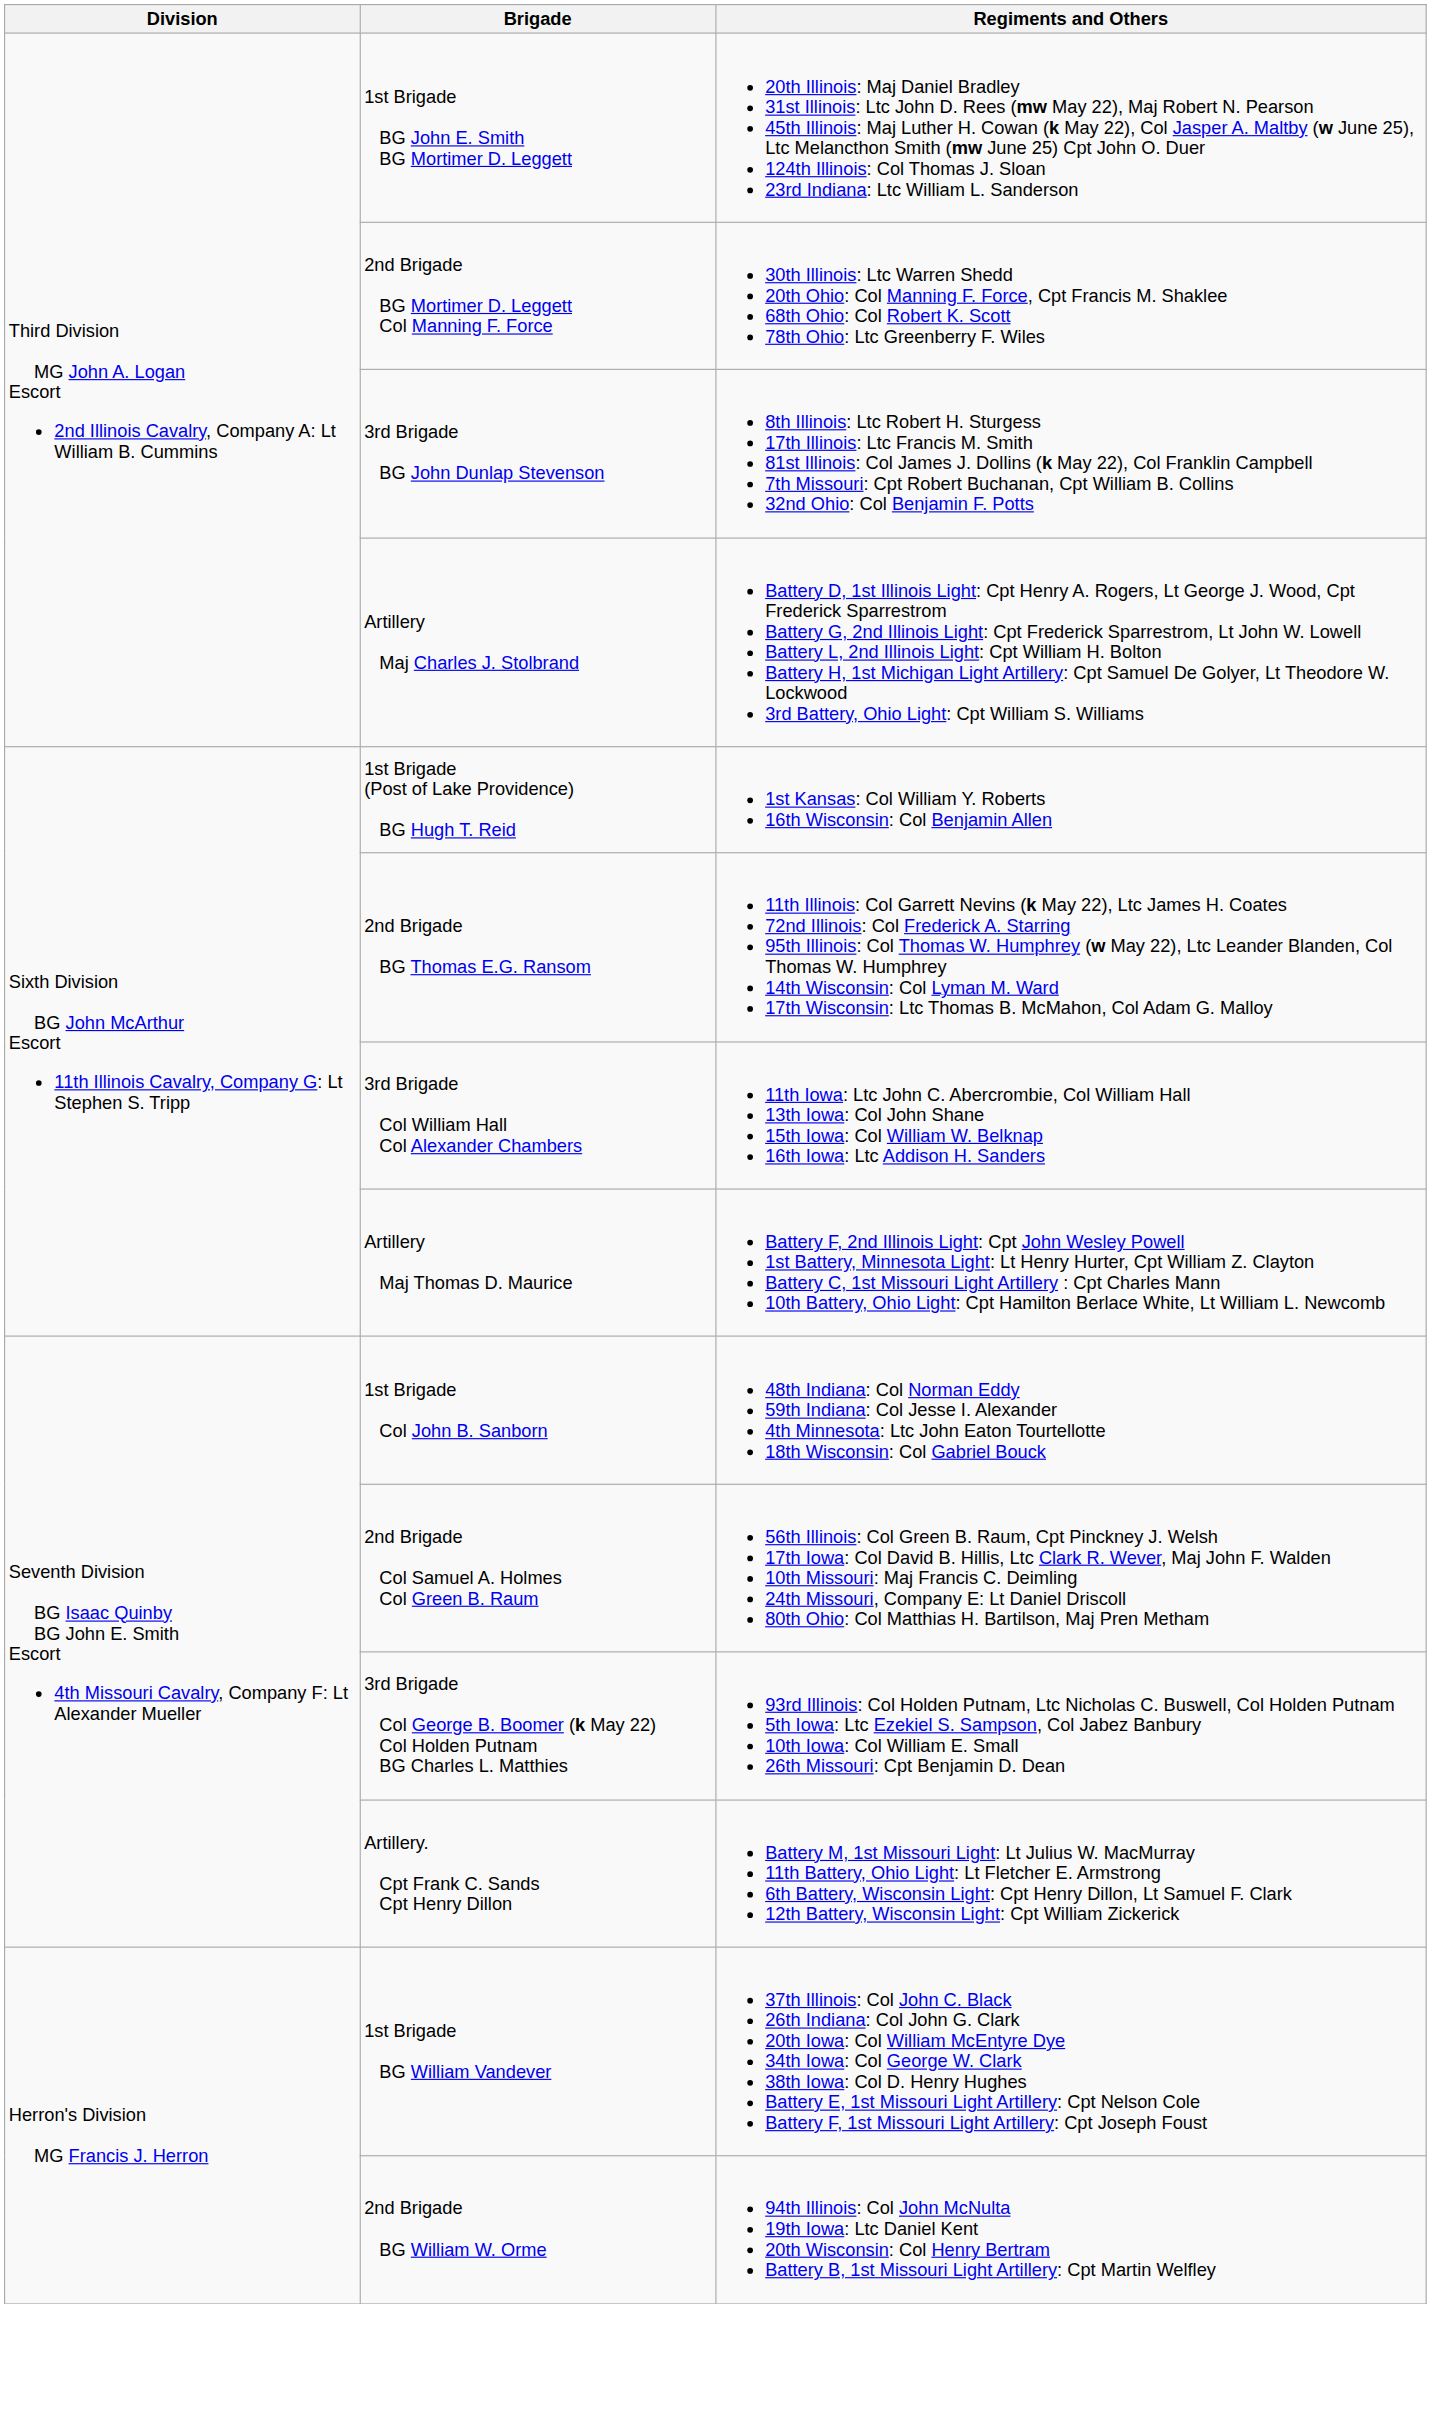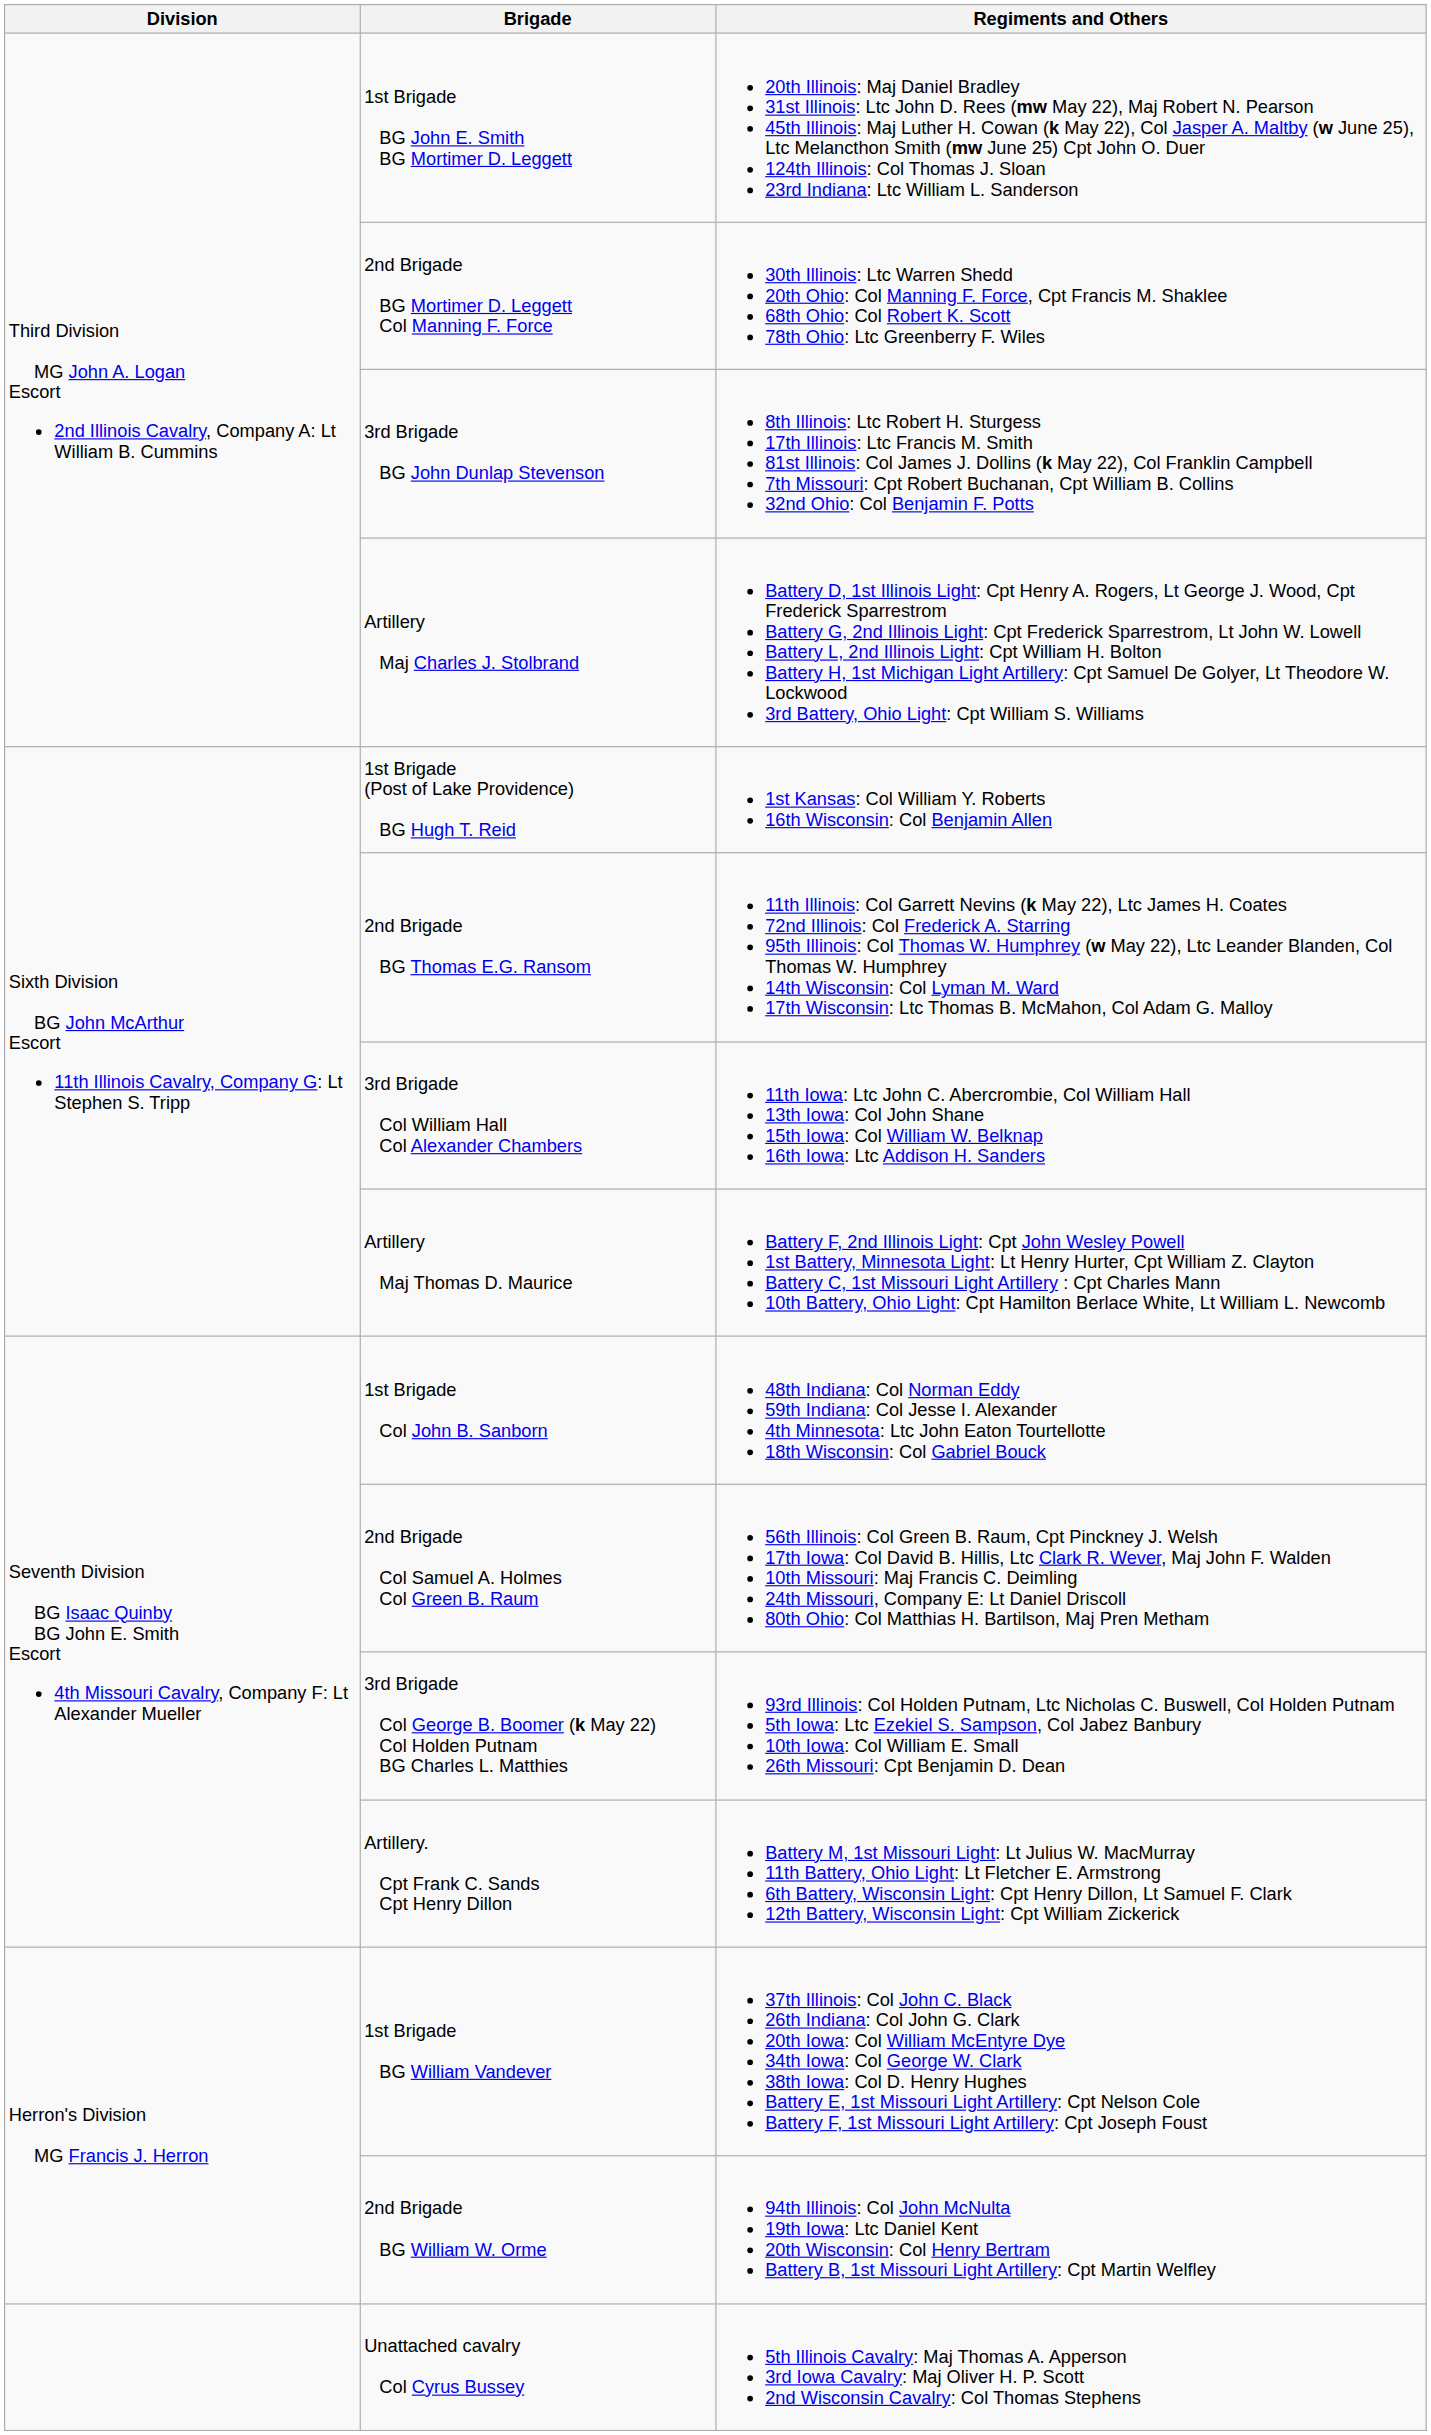 <table class="wikitable">
 <tr>
 <th width=25%>Division</th>
 <th width=25%>Brigade</th>
 <th>Regiments and Others</th>
 </tr>
 <tr>
 <td rowspan=4><br>Third Division<br><br>     MG <a href='#'>John A. Logan</a><br>Escort<ul><li><a href='#'>2nd Illinois Cavalry</a>, Company A: Lt William B. Cummins</li></ul></td>
 <td>1st Brigade<br><br>   BG <a href='#'>John E. Smith</a> <br>   BG <a href='#'>Mortimer D. Leggett</a></td>
 <td><br><ul><li><a href='#'>20th Illinois</a>: Maj Daniel Bradley</li><li><a href='#'>31st Illinois</a>: Ltc John D. Rees (<strong>mw</strong> May 22), Maj Robert N. Pearson</li><li><a href='#'>45th Illinois</a>: Maj Luther H. Cowan (<strong>k</strong> May 22), Col <a href='#'>Jasper A. Maltby</a> (<strong>w</strong> June 25), Ltc Melancthon Smith (<strong>mw</strong> June 25) Cpt John O. Duer</li><li><a href='#'>124th Illinois</a>: Col Thomas J. Sloan</li><li><a href='#'>23rd Indiana</a>: Ltc William L. Sanderson</li></ul></td>
 </tr>
 <tr>
 <td>2nd Brigade<br><br>   BG <a href='#'>Mortimer D. Leggett</a>  <br>   Col <a href='#'>Manning F. Force</a></td>
 <td><br><ul><li><a href='#'>30th Illinois</a>: Ltc Warren Shedd</li><li><a href='#'>20th Ohio</a>: Col <a href='#'>Manning F. Force</a>, Cpt Francis M. Shaklee</li><li><a href='#'>68th Ohio</a>: Col <a href='#'>Robert K. Scott</a></li><li><a href='#'>78th Ohio</a>: Ltc Greenberry F. Wiles</li></ul></td>
 </tr>
 <tr>
 <td>3rd Brigade<br><br>   BG <a href='#'>John Dunlap Stevenson</a></td>
 <td><br><ul><li><a href='#'>8th Illinois</a>: Ltc Robert H. Sturgess</li><li><a href='#'>17th Illinois</a>: Ltc Francis M. Smith</li><li><a href='#'>81st Illinois</a>: Col James J. Dollins (<strong>k</strong> May 22), Col Franklin Campbell</li><li><a href='#'>7th Missouri</a>: Cpt Robert Buchanan, Cpt William B. Collins</li><li><a href='#'>32nd Ohio</a>: Col <a href='#'>Benjamin F. Potts</a></li></ul></td>
 </tr>
 <tr>
 <td>Artillery<br><br>   Maj <a href='#'>Charles J. Stolbrand</a></td>
 <td><br><ul><li><a href='#'>Battery D, 1st Illinois Light</a>: Cpt Henry A. Rogers, Lt George J. Wood, Cpt Frederick Sparrestrom</li><li><a href='#'>Battery G, 2nd Illinois Light</a>: Cpt Frederick Sparrestrom, Lt John W. Lowell</li><li><a href='#'>Battery L, 2nd Illinois Light</a>: Cpt William H. Bolton</li><li><a href='#'>Battery H, 1st Michigan Light Artillery</a>: Cpt Samuel De Golyer, Lt Theodore W. Lockwood</li><li><a href='#'>3rd Battery, Ohio Light</a>: Cpt William S. Williams</li></ul></td>
 </tr>
 <tr>
 <td rowspan=4><br>Sixth Division<br><br>     BG <a href='#'>John McArthur</a><br>Escort<ul><li><a href='#'>11th Illinois Cavalry, Company G</a>: Lt Stephen S. Tripp</li></ul></td>
 <td>1st Brigade<br>(Post of Lake Providence)<br><br>   BG <a href='#'>Hugh T. Reid</a></td>
 <td><br><ul><li><a href='#'>1st Kansas</a>: Col William Y. Roberts</li><li><a href='#'>16th Wisconsin</a>: Col <a href='#'>Benjamin Allen</a></li></ul></td>
 </tr>
 <tr>
 <td>2nd Brigade<br><br>   BG <a href='#'>Thomas E.G. Ransom</a></td>
 <td><br><ul><li><a href='#'>11th Illinois</a>: Col Garrett Nevins (<strong>k</strong> May 22), Ltc James H. Coates</li><li><a href='#'>72nd Illinois</a>: Col <a href='#'>Frederick A. Starring</a></li><li><a href='#'>95th Illinois</a>: Col <a href='#'>Thomas W. Humphrey</a> (<strong>w</strong> May 22), Ltc Leander Blanden, Col Thomas W. Humphrey</li><li><a href='#'>14th Wisconsin</a>: Col <a href='#'>Lyman M. Ward</a></li><li><a href='#'>17th Wisconsin</a>: Ltc Thomas B. McMahon, Col Adam G. Malloy</li></ul></td>
 </tr>
 <tr>
 <td>3rd Brigade<br><br>   Col William Hall <br>   Col <a href='#'>Alexander Chambers</a></td>
 <td><br><ul><li><a href='#'>11th Iowa</a>: Ltc John C. Abercrombie, Col William Hall</li><li><a href='#'>13th Iowa</a>: Col John Shane</li><li><a href='#'>15th Iowa</a>: Col <a href='#'>William W. Belknap</a></li><li><a href='#'>16th Iowa</a>: Ltc <a href='#'>Addison H. Sanders</a></li></ul></td>
 </tr>
 <tr>
 <td>Artillery<br><br>   Maj Thomas D. Maurice</td>
 <td><br><ul><li><a href='#'>Battery F, 2nd Illinois Light</a>: Cpt <a href='#'>John Wesley Powell</a></li><li><a href='#'>1st Battery, Minnesota Light</a>: Lt Henry Hurter, Cpt William Z. Clayton</li><li><a href='#'>Battery C, 1st Missouri Light Artillery</a> : Cpt Charles Mann</li><li><a href='#'>10th Battery, Ohio Light</a>: Cpt Hamilton Berlace White, Lt William L. Newcomb</li></ul></td>
 </tr>
 <tr>
 <td rowspan=4><br>Seventh Division<br><br>     BG <a href='#'>Isaac Quinby</a> <br>     BG John E. Smith<br>Escort<ul><li><a href='#'>4th Missouri Cavalry</a>, Company F: Lt Alexander Mueller</li></ul></td>
 <td>1st Brigade<br><br>   Col <a href='#'>John B. Sanborn</a></td>
 <td><br><ul><li><a href='#'>48th Indiana</a>: Col <a href='#'>Norman Eddy</a></li><li><a href='#'>59th Indiana</a>: Col Jesse I. Alexander</li><li><a href='#'>4th Minnesota</a>: Ltc John Eaton Tourtellotte</li><li><a href='#'>18th Wisconsin</a>: Col <a href='#'>Gabriel Bouck</a></li></ul></td>
 </tr>
 <tr>
 <td>2nd Brigade<br><br>   Col Samuel A. Holmes <br>   Col <a href='#'>Green B. Raum</a></td>
 <td><br><ul><li><a href='#'>56th Illinois</a>: Col Green B. Raum, Cpt Pinckney J. Welsh</li><li><a href='#'>17th Iowa</a>: Col David B. Hillis, Ltc <a href='#'>Clark R. Wever</a>, Maj John F. Walden</li><li><a href='#'>10th Missouri</a>: Maj Francis C. Deimling</li><li><a href='#'>24th Missouri</a>, Company E: Lt Daniel Driscoll</li><li><a href='#'>80th Ohio</a>: Col Matthias H. Bartilson, Maj Pren Metham</li></ul></td>
 </tr>
 <tr>
 <td>3rd Brigade<br><br>   Col <a href='#'>George B. Boomer</a> (<strong>k</strong> May 22) <br>   Col Holden Putnam <br>   BG Charles L. Matthies</td>
 <td><br><ul><li><a href='#'>93rd Illinois</a>: Col Holden Putnam, Ltc Nicholas C. Buswell, Col Holden Putnam</li><li><a href='#'>5th Iowa</a>: Ltc <a href='#'>Ezekiel S. Sampson</a>, Col Jabez Banbury</li><li><a href='#'>10th Iowa</a>: Col William E. Small</li><li><a href='#'>26th Missouri</a>: Cpt Benjamin D. Dean</li></ul></td>
 </tr>
 <tr>
 <td>Artillery.<br><br>   Cpt Frank C. Sands <br>   Cpt Henry Dillon</td>
 <td><br><ul><li><a href='#'>Battery M, 1st Missouri Light</a>: Lt Julius W. MacMurray</li><li><a href='#'>11th Battery, Ohio Light</a>: Lt Fletcher E. Armstrong</li><li><a href='#'>6th Battery, Wisconsin Light</a>: Cpt Henry Dillon, Lt Samuel F. Clark</li><li><a href='#'>12th Battery, Wisconsin Light</a>: Cpt William Zickerick</li></ul></td>
 </tr>
 <tr>
 <td rowspan=2><br>Herron's Division<br><br>     MG <a href='#'>Francis J. Herron</a></td>
 <td>1st Brigade<br><br>   BG <a href='#'>William Vandever</a></td>
 <td><br><ul><li><a href='#'>37th Illinois</a>: Col <a href='#'>John C. Black</a></li><li><a href='#'>26th Indiana</a>: Col John G. Clark</li><li><a href='#'>20th Iowa</a>: Col <a href='#'>William McEntyre Dye</a></li><li><a href='#'>34th Iowa</a>: Col <a href='#'>George W. Clark</a></li><li><a href='#'>38th Iowa</a>: Col D. Henry Hughes</li><li><a href='#'>Battery E, 1st Missouri Light Artillery</a>: Cpt Nelson Cole</li><li><a href='#'>Battery F, 1st Missouri Light Artillery</a>: Cpt Joseph Foust</li></ul></td>
 </tr>
 <tr>
 <td>2nd Brigade<br><br>   BG <a href='#'>William W. Orme</a></td>
 <td><br><ul><li><a href='#'>94th Illinois</a>: Col <a href='#'>John McNulta</a></li><li><a href='#'>19th Iowa</a>: Ltc Daniel Kent</li><li><a href='#'>20th Wisconsin</a>: Col <a href='#'>Henry Bertram</a></li><li><a href='#'>Battery B, 1st Missouri Light Artillery</a>: Cpt Martin Welfley</li></ul></td>
 </tr>
+<tr>
+<td></td>
+<td>Unattached cavalry<br><br>   Col <a href='#'>Cyrus Bussey</a></td>
+<td><br><ul><li><a href='#'>5th Illinois Cavalry</a>: Maj Thomas A. Apperson</li><li><a href='#'>3rd Iowa Cavalry</a>: Maj Oliver H. P. Scott</li><li><a href='#'>2nd Wisconsin Cavalry</a>: Col Thomas Stephens</li></ul></td>
+</tr>
 </table>
